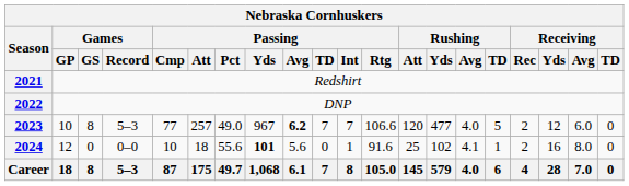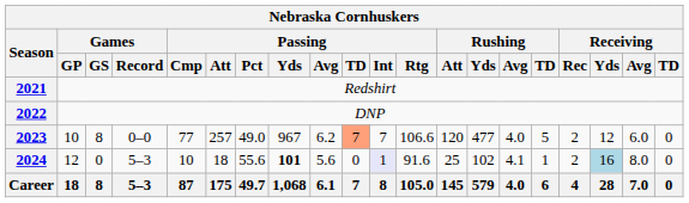 <table class="wikitable" style="text-align:center;">
 <tr>
 <th colspan="20">Nebraska Cornhuskers</th>
 </tr>
 <tr>
 <th rowspan="2">Season</th>
 <th colspan="3">Games</th>
 <th colspan="8">Passing</th>
 <th colspan="4">Rushing</th>
 <th colspan="4">Receiving</th>
 </tr>
 <tr>
 <th>GP</th>
 <th>GS</th>
 <th>Record</th>
 <th>Cmp</th>
 <th>Att</th>
 <th>Pct</th>
 <th>Yds</th>
 <th>Avg</th>
 <th>TD</th>
 <th>Int</th>
 <th>Rtg</th>
 <th>Att</th>
 <th>Yds</th>
 <th>Avg</th>
 <th>TD</th>
 <th>Rec</th>
 <th>Yds</th>
 <th>Avg</th>
 <th>TD</th>
 </tr>
 <tr>
 <th><a href='#'>2021</a></th>
 <td colspan="19"><em>Redshirt </em></td>
 </tr>
 <tr>
 <th><a href='#'>2022</a></th>
 <td colspan="19"><em>DNP</em></td>
 </tr>
 <tr>
 <th><a href='#'>2023</a></th>
 <td>10</td>
 <td>8</td>
-<td>5–3</td>
+<td>0–0</td>
 <td>77</td>
 <td>257</td>
 <td>49.0</td>
 <td>967</td>
-<td><strong>6.2</strong></td>
-<td>7</td>
+<td>6.2</td>
+<td style="background: lightsalmon;">7</td>
 <td>7</td>
 <td>106.6</td>
 <td>120</td>
 <td>477</td>
 <td>4.0</td>
 <td>5</td>
 <td>2</td>
 <td>12</td>
 <td>6.0</td>
 <td>0</td>
 </tr>
 <tr>
 <th><a href='#'>2024</a></th>
 <td>12</td>
 <td>0</td>
-<td>0–0</td>
+<td>5–3</td>
 <td>10</td>
 <td>18</td>
 <td>55.6</td>
 <td><strong>101</strong></td>
 <td>5.6</td>
 <td>0</td>
-<td>1</td>
+<td style="background: lavender;">1</td>
 <td>91.6</td>
 <td>25</td>
 <td>102</td>
 <td>4.1</td>
 <td>1</td>
 <td>2</td>
-<td>16</td>
+<td style="background: lightblue;">16</td>
 <td>8.0</td>
 <td>0</td>
 </tr>
 <tr>
 <th>Career</th>
 <th>18</th>
 <th>8</th>
 <th>5–3</th>
 <th>87</th>
 <th>175</th>
 <th>49.7</th>
 <th>1,068</th>
 <th>6.1</th>
 <th>7</th>
 <th>8</th>
 <th>105.0</th>
 <th>145</th>
 <th>579</th>
 <th>4.0</th>
 <th>6</th>
 <th>4</th>
 <th>28</th>
 <th>7.0</th>
 <th>0</th>
 </tr>
 </table>
